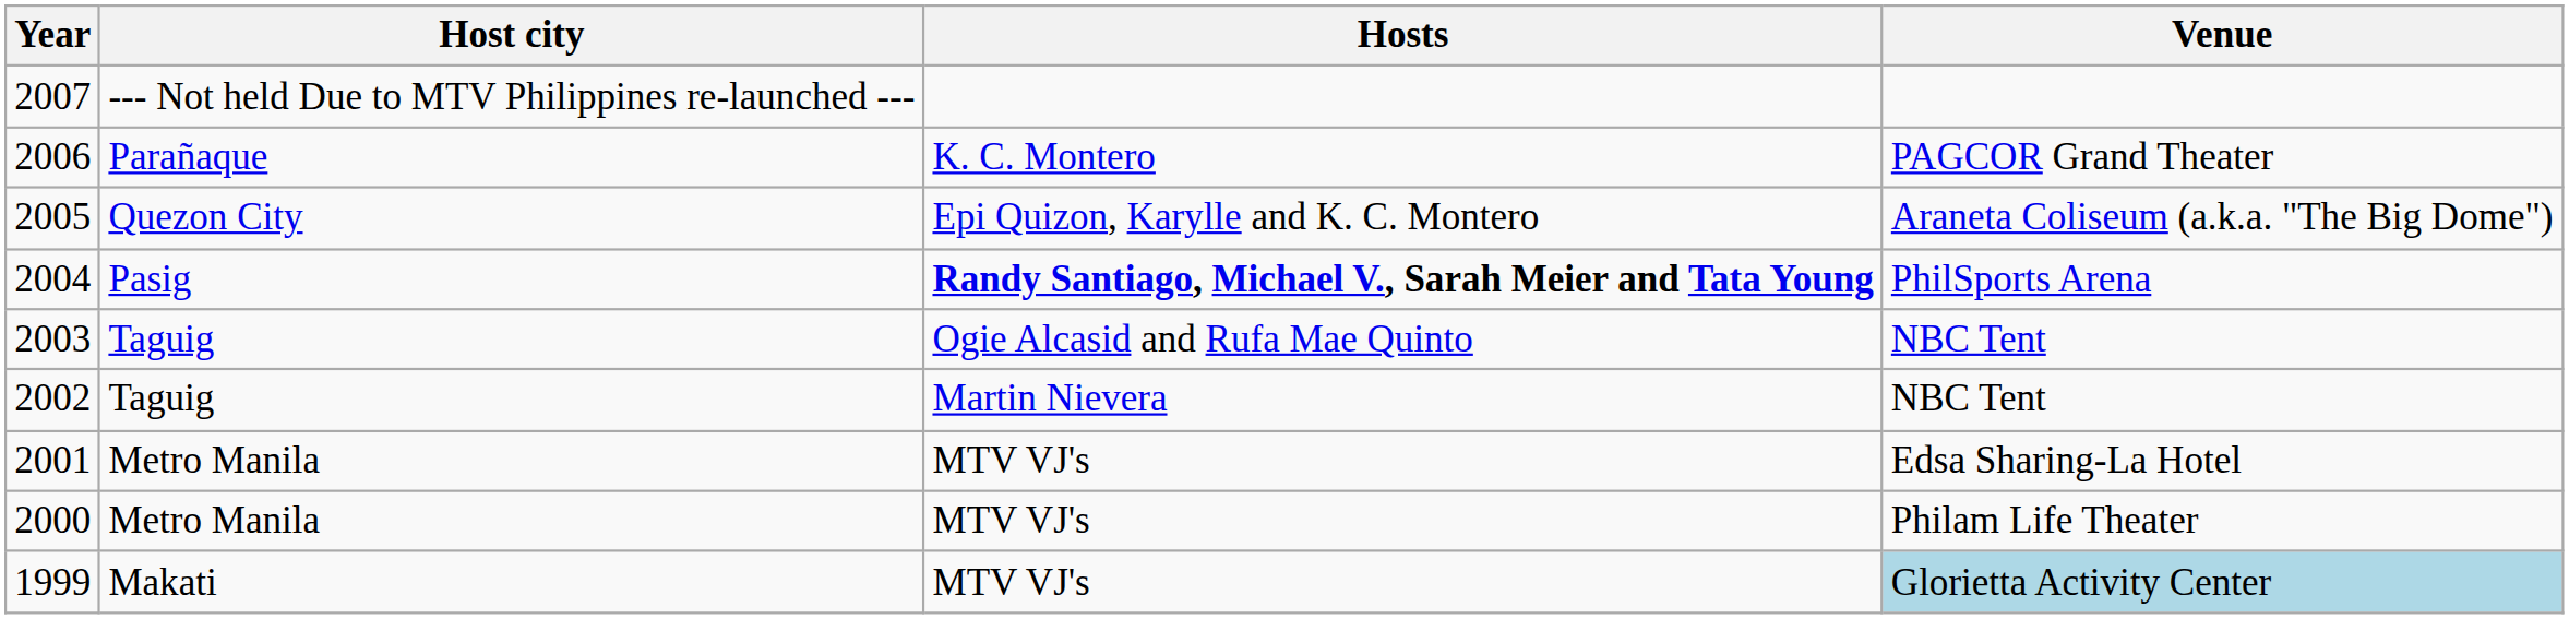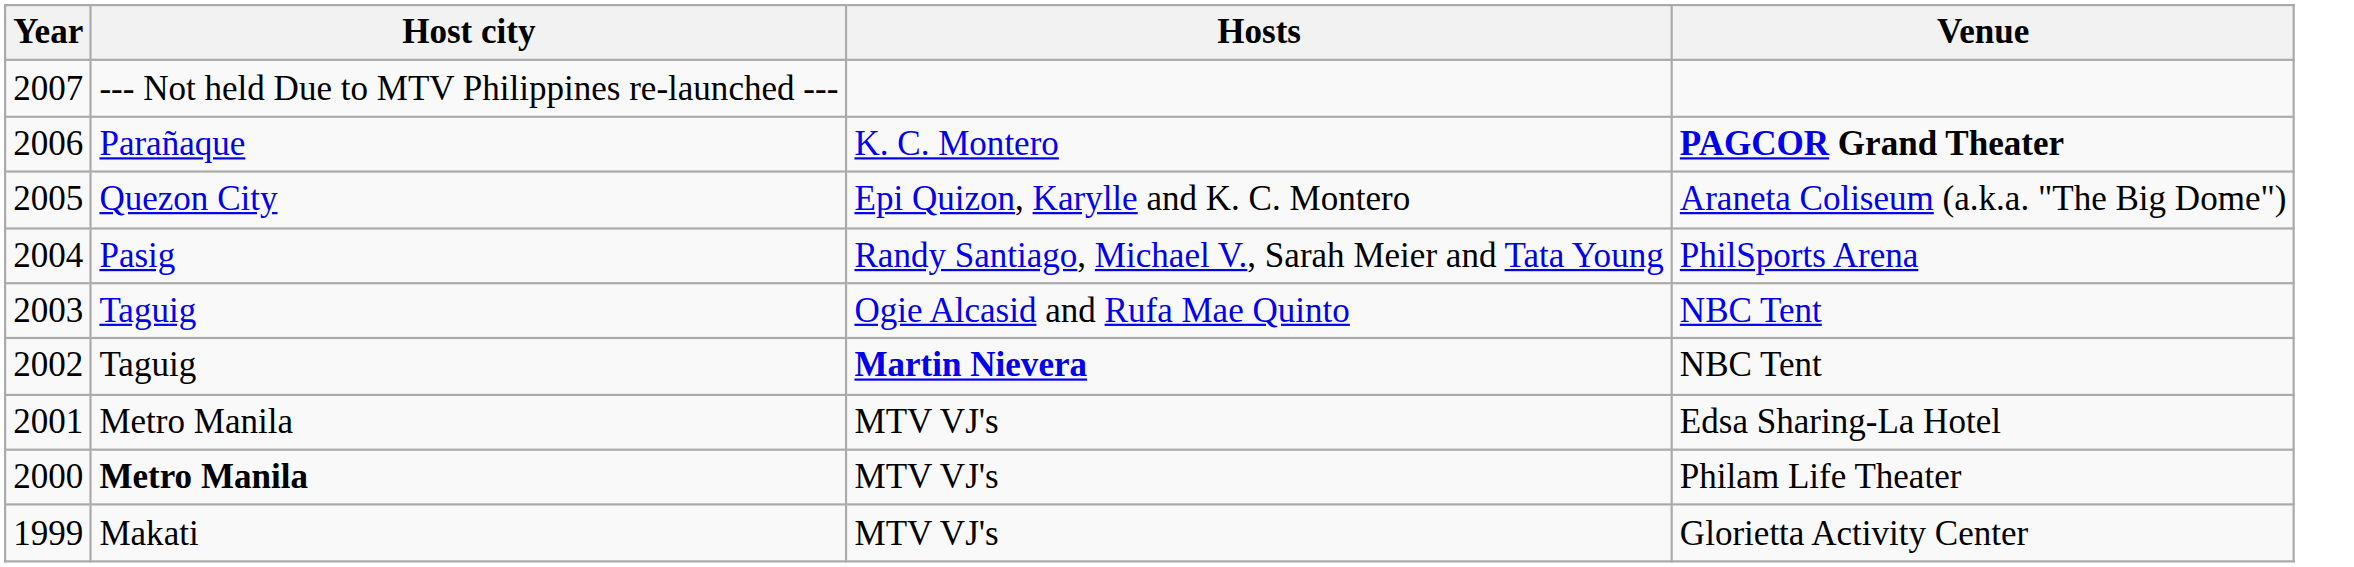 <table class="wikitable">
 <tr>
 <th>Year</th>
 <th>Host city</th>
 <th>Hosts</th>
 <th>Venue</th>
 </tr>
 <tr>
 <td>2007</td>
 <td>--- Not held Due to MTV Philippines re-launched ---</td>
 <td></td>
 </tr>
 <tr>
 <td>2006</td>
 <td><a href='#'>Parañaque</a></td>
 <td><a href='#'>K. C. Montero</a></td>
-<td><a href='#'>PAGCOR</a> Grand Theater</td>
+<td><strong><a href='#'>PAGCOR</a> Grand Theater</strong></td>
 </tr>
 <tr>
 <td>2005</td>
 <td><a href='#'>Quezon City</a></td>
 <td><a href='#'>Epi Quizon</a>, <a href='#'>Karylle</a> and K. C. Montero</td>
 <td><a href='#'>Araneta Coliseum</a> (a.k.a. "The Big Dome")</td>
 </tr>
 <tr>
 <td>2004</td>
 <td><a href='#'>Pasig</a></td>
-<td><strong><a href='#'>Randy Santiago</a>, <a href='#'>Michael V.</a>, Sarah Meier and <a href='#'>Tata Young</a></strong></td>
+<td><a href='#'>Randy Santiago</a>, <a href='#'>Michael V.</a>, Sarah Meier and <a href='#'>Tata Young</a></td>
 <td><a href='#'>PhilSports Arena</a></td>
 </tr>
 <tr>
 <td>2003</td>
 <td><a href='#'>Taguig</a></td>
 <td><a href='#'>Ogie Alcasid</a> and <a href='#'>Rufa Mae Quinto</a></td>
 <td><a href='#'>NBC Tent</a></td>
 </tr>
 <tr>
 <td>2002</td>
 <td>Taguig</td>
-<td><a href='#'>Martin Nievera</a></td>
+<td><strong><a href='#'>Martin Nievera</a></strong></td>
 <td>NBC Tent</td>
 </tr>
 <tr>
 <td>2001</td>
 <td>Metro Manila</td>
 <td>MTV VJ's</td>
 <td>Edsa Sharing-La Hotel</td>
 </tr>
 <tr>
 <td>2000</td>
-<td>Metro Manila</td>
+<td><strong>Metro Manila</strong></td>
 <td>MTV VJ's</td>
 <td>Philam Life Theater</td>
 </tr>
 <tr>
 <td>1999</td>
 <td>Makati</td>
 <td>MTV VJ's</td>
-<td style="background: lightblue;">Glorietta Activity Center</td>
+<td>Glorietta Activity Center</td>
 </tr>
 </table>
